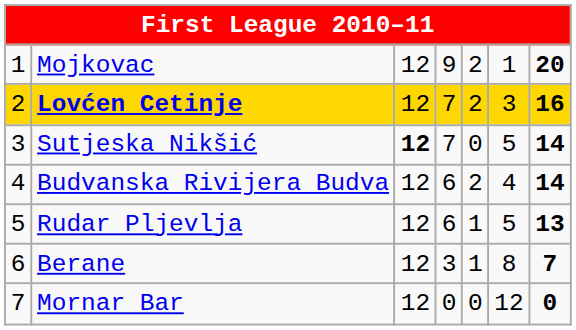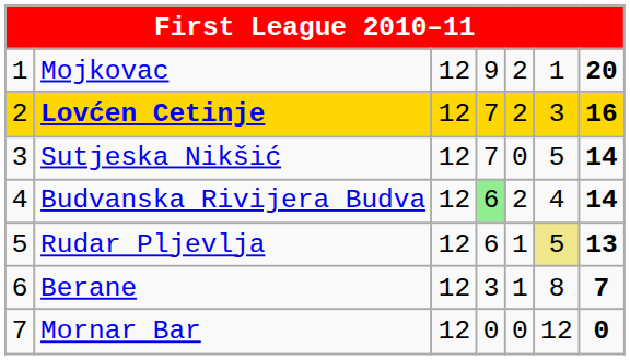 <table class="wikitable" style="text-align:center">
 <tr>
 <th colspan=10 style="background:red;color:white;">First League 2010–11</th>
 </tr>
 <tr>
 <td>1</td>
 <td align=left><a href='#'>Mojkovac</a></td>
 <td>12</td>
 <td>9</td>
 <td>2</td>
 <td>1</td>
 <td><strong>20</strong></td>
 </tr>
 <tr style="background:gold;">
 <td>2</td>
 <td align=left><strong><a href='#'>Lovćen Cetinje</a></strong></td>
 <td>12</td>
 <td>7</td>
 <td>2</td>
 <td>3</td>
 <td><strong>16</strong></td>
 </tr>
 <tr>
 <td>3</td>
 <td align=left><a href='#'>Sutjeska Nikšić</a></td>
-<td><strong>12</strong></td>
+<td>12</td>
 <td>7</td>
 <td>0</td>
 <td>5</td>
 <td><strong>14</strong></td>
 </tr>
 <tr>
 <td>4</td>
 <td align=left><a href='#'>Budvanska Rivijera Budva</a></td>
 <td>12</td>
-<td>6</td>
+<td style="background: lightgreen;">6</td>
 <td>2</td>
 <td>4</td>
 <td><strong>14</strong></td>
 </tr>
 <tr>
 <td>5</td>
 <td align=left><a href='#'>Rudar Pljevlja</a></td>
 <td>12</td>
 <td>6</td>
 <td>1</td>
-<td>5</td>
+<td style="background: khaki;">5</td>
 <td><strong>13</strong></td>
 </tr>
 <tr>
 <td>6</td>
 <td align=left><a href='#'>Berane</a></td>
 <td>12</td>
 <td>3</td>
 <td>1</td>
 <td>8</td>
 <td><strong>7</strong></td>
 </tr>
 <tr>
 <td>7</td>
 <td align=left><a href='#'>Mornar Bar</a></td>
 <td>12</td>
 <td>0</td>
 <td>0</td>
 <td>12</td>
 <td><strong>0</strong></td>
 </tr>
 </table>
